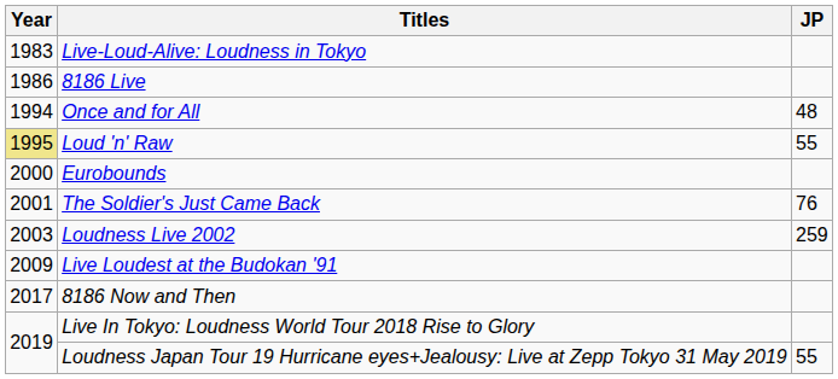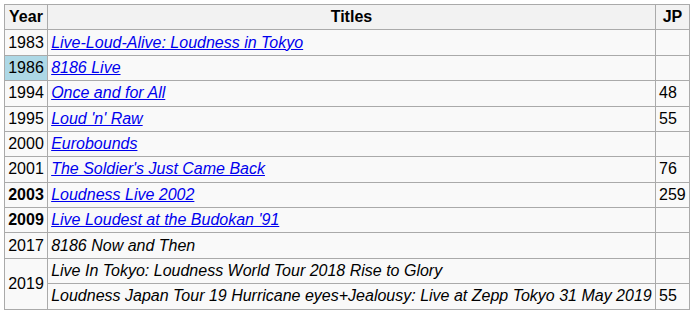 <table class="wikitable">
 <tr>
 <th>Year</th>
 <th>Titles</th>
 <th>JP</th>
 </tr>
 <tr>
 <td>1983</td>
 <td><em><a href='#'>Live-Loud-Alive: Loudness in Tokyo</a></em></td>
 <td></td>
 </tr>
 <tr>
-<td>1986</td>
+<td style="background: lightblue;">1986</td>
 <td><em><a href='#'>8186 Live</a></em></td>
 <td></td>
 </tr>
 <tr>
 <td>1994</td>
 <td><em><a href='#'>Once and for All</a></em></td>
 <td>48</td>
 </tr>
 <tr>
-<td style="background: khaki;">1995</td>
+<td>1995</td>
 <td><em><a href='#'>Loud 'n' Raw</a></em></td>
 <td>55</td>
 </tr>
 <tr>
 <td>2000</td>
 <td><em><a href='#'>Eurobounds</a></em></td>
 <td></td>
 </tr>
 <tr>
 <td>2001</td>
 <td><em><a href='#'>The Soldier's Just Came Back</a></em></td>
 <td>76</td>
 </tr>
 <tr>
-<td>2003</td>
+<td><strong>2003</strong></td>
 <td><em><a href='#'>Loudness Live 2002</a></em></td>
 <td>259</td>
 </tr>
 <tr>
-<td>2009</td>
+<td><strong>2009</strong></td>
 <td><em><a href='#'>Live Loudest at the Budokan '91</a></em></td>
 <td></td>
 </tr>
 <tr>
 <td>2017</td>
 <td><em>8186 Now and Then</em></td>
 <td></td>
 </tr>
 <tr>
 <td rowspan="2">2019</td>
 <td><em>Live In Tokyo: Loudness World Tour 2018 Rise to Glory</em></td>
 <td></td>
 </tr>
 <tr>
 <td><em>Loudness Japan Tour 19 Hurricane eyes+Jealousy: Live at Zepp Tokyo 31 May 2019</em></td>
 <td>55</td>
 </tr>
 </table>
